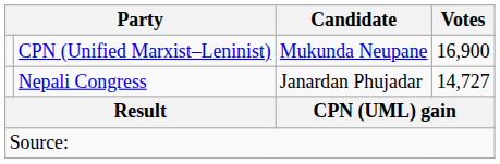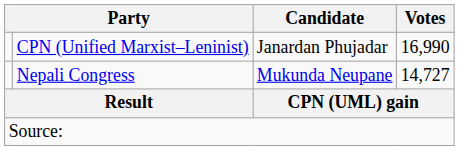 <table class="wikitable">
 <tr>
 <th colspan="2">Party</th>
 <th>Candidate</th>
 <th>Votes</th>
 </tr>
 <tr>
 <td style="background-color:"></td>
 <td><a href='#'>CPN (Unified Marxist–Leninist)</a></td>
-<td><a href='#'>Mukunda Neupane</a></td>
-<td>16,900</td>
+<td>Janardan Phujadar</td>
+<td>16,990</td>
 </tr>
 <tr>
 <td style="background-color:"></td>
 <td><a href='#'>Nepali Congress</a></td>
-<td>Janardan Phujadar</td>
+<td><a href='#'>Mukunda Neupane</a></td>
 <td>14,727</td>
 </tr>
 <tr>
 <th colspan="2">Result</th>
 <th colspan="2">CPN (UML) gain</th>
 </tr>
 <tr>
 <td colspan="4">Source: </td>
 </tr>
 </table>
